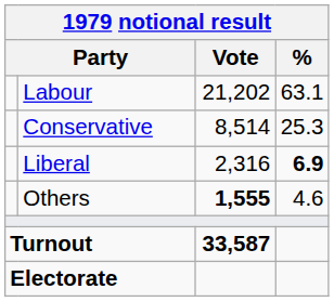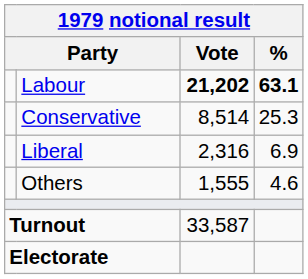 <table class="wikitable">
 <tr>
 <th colspan="4"><a href='#'>1979</a> <a href='#'>notional result</a></th>
 </tr>
 <tr>
 <th bgcolor="#DDDDFF" width="130px" colspan="2">Party</th>
 <th bgcolor="#DDDDFF" width="50px">Vote</th>
 <th bgcolor="#DDDDFF" width="30px">%</th>
 </tr>
 <tr>
 <td></td>
 <td><a href='#'>Labour</a></td>
-<td align=right>21,202</td>
-<td align=right>63.1</td>
+<td align=right><strong>21,202</strong></td>
+<td align=right><strong>63.1</strong></td>
 </tr>
 <tr>
 <td></td>
 <td><a href='#'>Conservative</a></td>
 <td align=right>8,514</td>
 <td align=right>25.3</td>
 </tr>
 <tr>
 <td></td>
 <td><a href='#'>Liberal</a></td>
 <td align=right>2,316</td>
-<td align=right><strong>6.9</strong></td>
+<td align=right>6.9</td>
 </tr>
 <tr>
 <td></td>
 <td>Others</td>
-<td align=right><strong>1,555</strong></td>
+<td align=right>1,555</td>
 <td align=right>4.6</td>
 </tr>
 <tr>
 <td colspan="4" bgcolor="#EAECF0"></td>
 </tr>
 <tr>
 <td colspan="2"><strong>Turnout</strong></td>
-<td align=right><strong>33,587</strong></td>
+<td align=right>33,587</td>
 <td align=right></td>
 </tr>
 <tr>
 <td colspan="2"><strong>Electorate</strong></td>
 <td align=right></td>
 </tr>
 </table>
